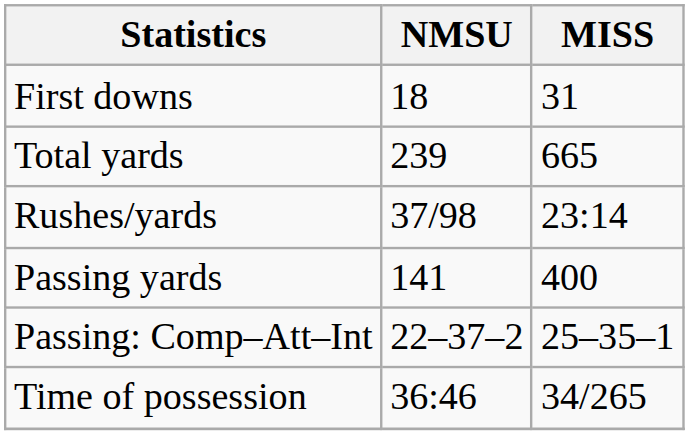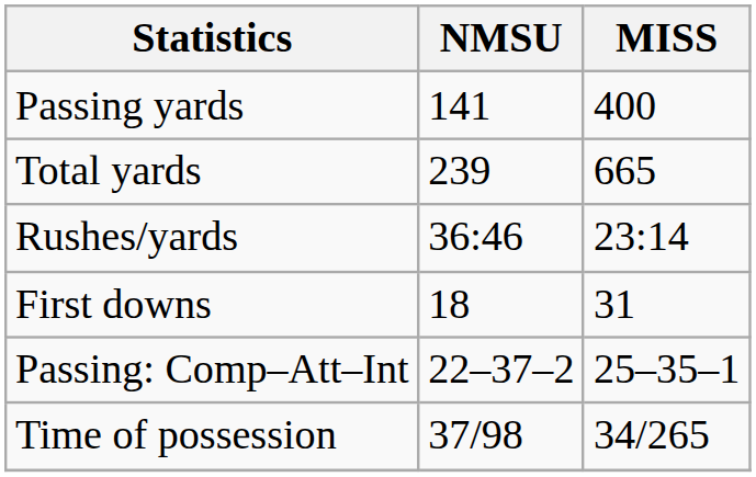 <table class="wikitable" style="float: left;">
 <tr>
 <th>Statistics</th>
 <th>NMSU</th>
 <th>MISS</th>
 </tr>
 <tr>
-<td>First downs</td>
-<td>18</td>
-<td>31</td>
+<td>Passing yards</td>
+<td>141</td>
+<td>400</td>
 </tr>
 <tr>
 <td>Total yards</td>
 <td>239</td>
 <td>665</td>
 </tr>
 <tr>
 <td>Rushes/yards</td>
-<td>37/98</td>
+<td>36:46</td>
 <td>23:14</td>
 </tr>
 <tr>
-<td>Passing yards</td>
-<td>141</td>
-<td>400</td>
+<td>First downs</td>
+<td>18</td>
+<td>31</td>
 </tr>
 <tr>
 <td>Passing: Comp–Att–Int</td>
 <td>22–37–2</td>
 <td>25–35–1</td>
 </tr>
 <tr>
 <td>Time of possession</td>
-<td>36:46</td>
+<td>37/98</td>
 <td>34/265</td>
 </tr>
 <tr>
 </tr>
 </table>
